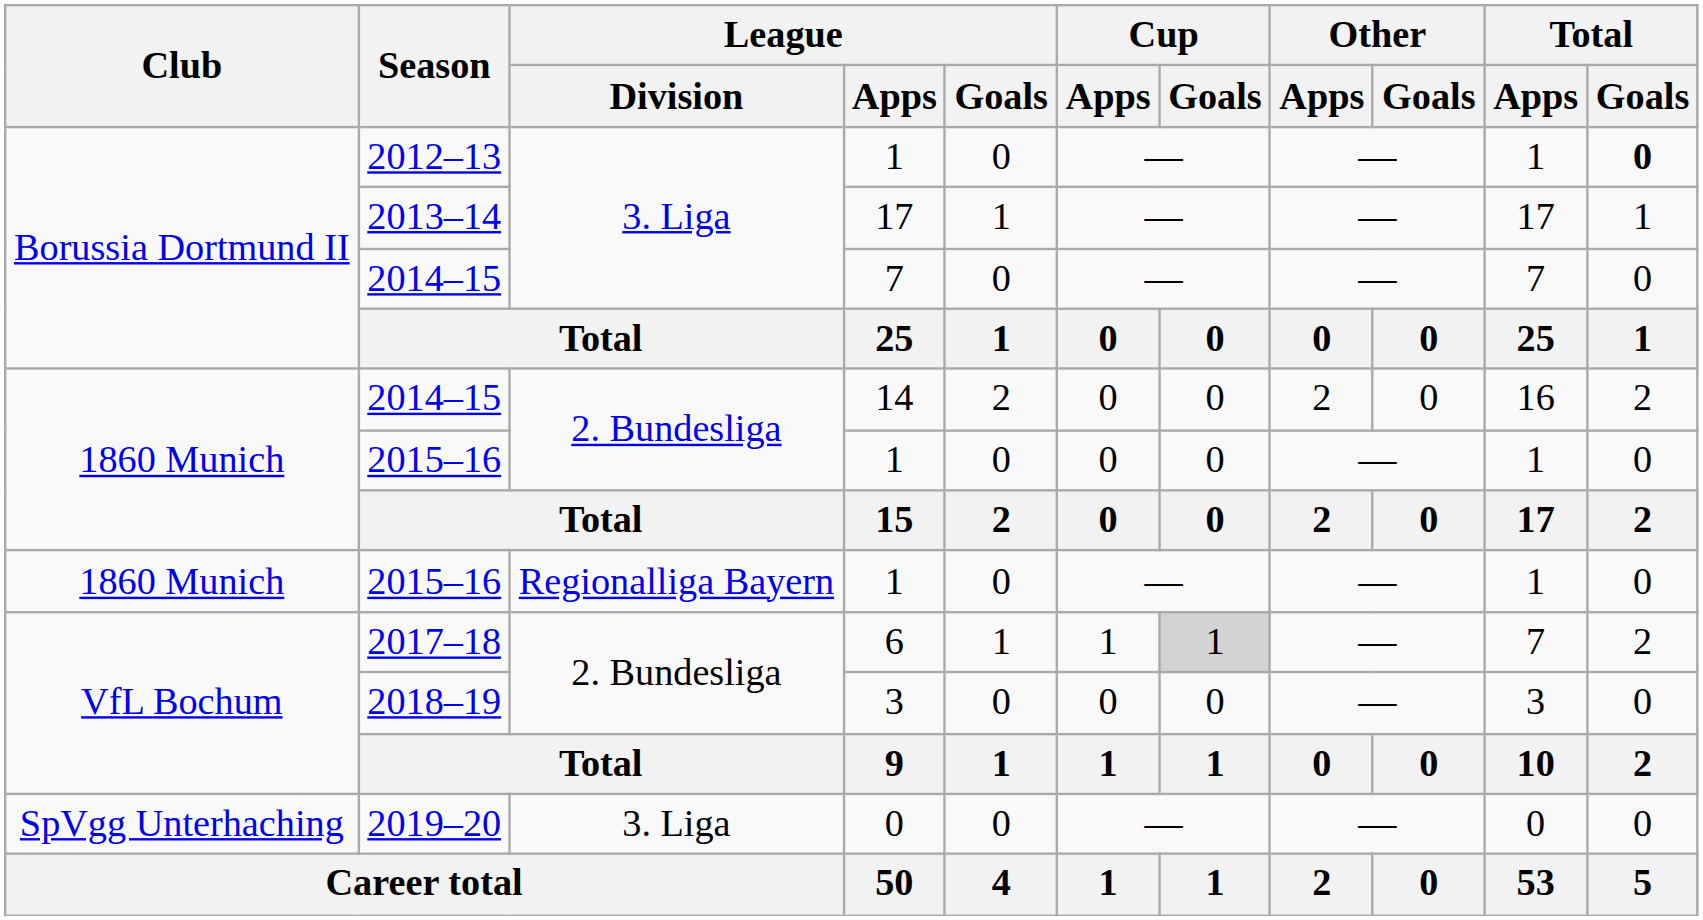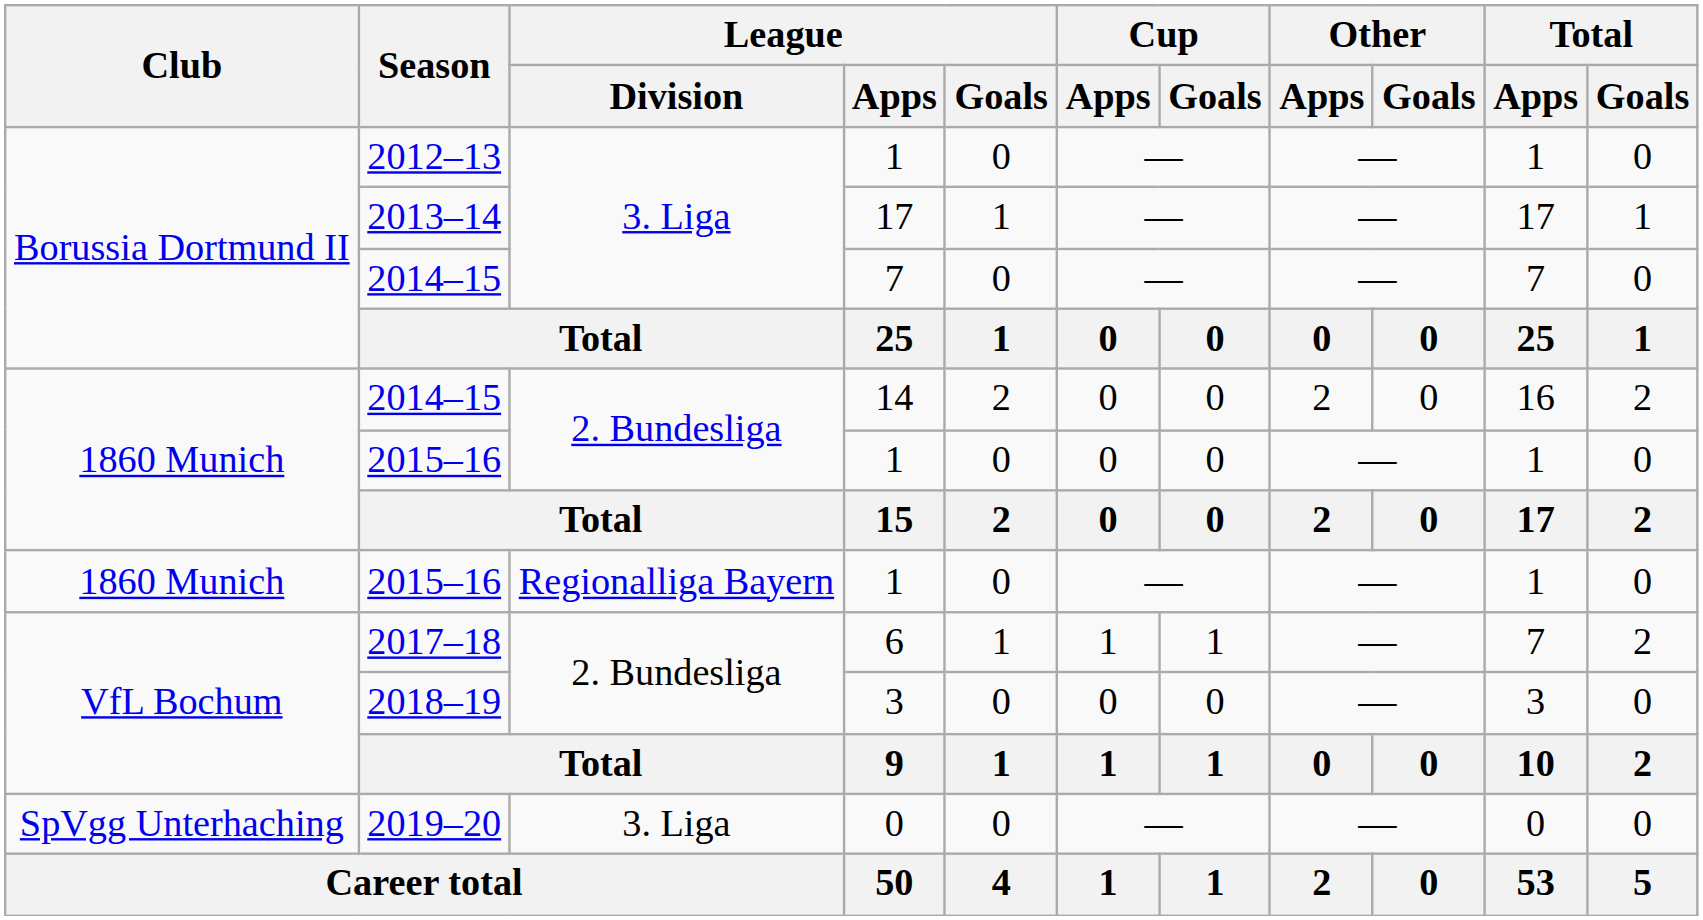 <table class="wikitable" style="text-align:center">
 <tr>
 <th rowspan="2">Club</th>
 <th rowspan="2">Season</th>
 <th colspan="3">League</th>
 <th colspan="2">Cup</th>
 <th colspan="2">Other</th>
 <th colspan="2">Total</th>
 </tr>
 <tr>
 <th>Division</th>
 <th>Apps</th>
 <th>Goals</th>
 <th>Apps</th>
 <th>Goals</th>
 <th>Apps</th>
 <th>Goals</th>
 <th>Apps</th>
 <th>Goals</th>
 </tr>
 <tr>
 <td rowspan="4"><a href='#'>Borussia Dortmund II</a></td>
 <td><a href='#'>2012–13</a></td>
 <td rowspan="3"><a href='#'>3. Liga</a></td>
 <td>1</td>
 <td>0</td>
 <td colspan="2">—</td>
 <td colspan="2">—</td>
 <td>1</td>
-<td><strong>0</strong></td>
+<td>0</td>
 </tr>
 <tr>
 <td><a href='#'>2013–14</a></td>
 <td>17</td>
 <td>1</td>
 <td colspan="2">—</td>
 <td colspan="2">—</td>
 <td>17</td>
 <td>1</td>
 </tr>
 <tr>
 <td><a href='#'>2014–15</a></td>
 <td>7</td>
 <td>0</td>
 <td colspan="2">—</td>
 <td colspan="2">—</td>
 <td>7</td>
 <td>0</td>
 </tr>
 <tr>
 <th colspan="2">Total</th>
 <th>25</th>
 <th>1</th>
 <th>0</th>
 <th>0</th>
 <th>0</th>
 <th>0</th>
 <th>25</th>
 <th>1</th>
 </tr>
 <tr>
 <td rowspan="3"><a href='#'>1860 Munich</a></td>
 <td><a href='#'>2014–15</a></td>
 <td rowspan="2"><a href='#'>2. Bundesliga</a></td>
 <td>14</td>
 <td>2</td>
 <td>0</td>
 <td>0</td>
 <td>2</td>
 <td>0</td>
 <td>16</td>
 <td>2</td>
 </tr>
 <tr>
 <td><a href='#'>2015–16</a></td>
 <td>1</td>
 <td>0</td>
 <td>0</td>
 <td>0</td>
 <td colspan="2">—</td>
 <td>1</td>
 <td>0</td>
 </tr>
 <tr>
 <th colspan="2">Total</th>
 <th>15</th>
 <th>2</th>
 <th>0</th>
 <th>0</th>
 <th>2</th>
 <th>0</th>
 <th>17</th>
 <th>2</th>
 </tr>
 <tr>
 <td><a href='#'>1860 Munich</a></td>
 <td><a href='#'>2015–16</a></td>
 <td><a href='#'>Regionalliga Bayern</a></td>
 <td>1</td>
 <td>0</td>
 <td colspan="2">—</td>
 <td colspan="2">—</td>
 <td>1</td>
 <td>0</td>
 </tr>
 <tr>
 <td rowspan="3"><a href='#'>VfL Bochum</a></td>
 <td><a href='#'>2017–18</a></td>
 <td rowspan="2">2. Bundesliga</td>
 <td>6</td>
 <td>1</td>
 <td>1</td>
-<td style="background: lightgrey;">1</td>
+<td>1</td>
 <td colspan="2">—</td>
 <td>7</td>
 <td>2</td>
 </tr>
 <tr>
 <td><a href='#'>2018–19</a></td>
 <td>3</td>
 <td>0</td>
 <td>0</td>
 <td>0</td>
 <td colspan="2">—</td>
 <td>3</td>
 <td>0</td>
 </tr>
 <tr>
 <th colspan="2">Total</th>
 <th>9</th>
 <th>1</th>
 <th>1</th>
 <th>1</th>
 <th>0</th>
 <th>0</th>
 <th>10</th>
 <th>2</th>
 </tr>
 <tr>
 <td><a href='#'>SpVgg Unterhaching</a></td>
 <td><a href='#'>2019–20</a></td>
 <td>3. Liga</td>
 <td>0</td>
 <td>0</td>
 <td colspan="2">—</td>
 <td colspan="2">—</td>
 <td>0</td>
 <td>0</td>
 </tr>
 <tr>
 <th colspan="3">Career total</th>
 <th>50</th>
 <th>4</th>
 <th>1</th>
 <th>1</th>
 <th>2</th>
 <th>0</th>
 <th>53</th>
 <th>5</th>
 </tr>
 </table>
